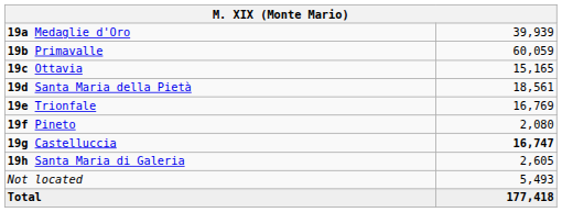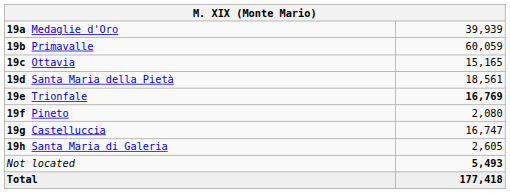 <table class="wikitable" width="32%" border=2>
 <tr>
 <th colspan="2" font size=2 align="center" bgcolor="#960018">M. XIX (Monte Mario)</th>
 </tr>
 <tr>
 <td><strong>19a</strong> <a href='#'>Medaglie d'Oro</a></td>
 <td align=right>39,939</td>
 </tr>
 <tr>
 <td><strong>19b</strong> <a href='#'>Primavalle</a></td>
 <td align=right>60,059</td>
 </tr>
 <tr>
 <td><strong>19c</strong> <a href='#'>Ottavia</a></td>
 <td align=right>15,165</td>
 </tr>
 <tr>
 <td><strong>19d</strong> <a href='#'>Santa Maria della Pietà</a></td>
 <td align=right>18,561</td>
 </tr>
 <tr>
 <td><strong>19e</strong> <a href='#'>Trionfale</a></td>
-<td align=right>16,769</td>
+<td align=right><strong>16,769</strong></td>
 </tr>
 <tr>
 <td><strong>19f</strong> <a href='#'>Pineto</a></td>
 <td align=right>2,080</td>
 </tr>
 <tr>
 <td><strong>19g</strong> <a href='#'>Castelluccia</a></td>
-<td align=right><strong>16,747</strong></td>
+<td align=right>16,747</td>
 </tr>
 <tr>
 <td><strong>19h</strong> <a href='#'>Santa Maria di Galeria</a></td>
 <td align=right>2,605</td>
 </tr>
 <tr>
 <td><em>Not located</em></td>
-<td align=right>5,493</td>
+<td align=right><strong>5,493</strong></td>
 </tr>
 <tr style="background:#efefef">
 <td><strong>Total</strong></td>
 <td align=right><strong>177,418</strong></td>
 </tr>
 </table>
